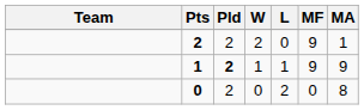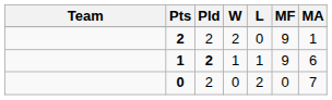 <table class=wikitable style="text-align:center">
 <tr>
 <th width=175>Team</th>
 <th width=20>Pts</th>
 <th width=20>Pld</th>
 <th width=20>W</th>
 <th width=20>L</th>
 <th width=20>MF</th>
 <th width=20>MA</th>
 </tr>
 <tr>
 </tr>
 <tr>
 <td style="text-align:left"></td>
 <td><strong>2</strong></td>
 <td>2</td>
 <td>2</td>
 <td>0</td>
 <td>9</td>
 <td>1</td>
 </tr>
 <tr>
 <td style="text-align:left"></td>
 <td><strong>1</strong></td>
 <td><strong>2</strong></td>
 <td>1</td>
 <td>1</td>
 <td>9</td>
-<td>9</td>
+<td>6</td>
 </tr>
 <tr>
 <td style="text-align:left"></td>
 <td><strong>0</strong></td>
 <td>2</td>
 <td>0</td>
 <td>2</td>
 <td>0</td>
-<td>8</td>
+<td>7</td>
 </tr>
 </table>
